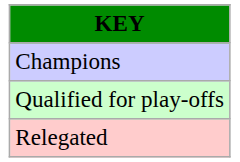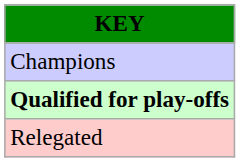 <table class="wikitable" style="margin:0.5em auto; font-size:95%">
 <tr bgcolor="#008B00">
 <td align=center><strong>KEY</strong></td>
 </tr>
 <tr bgcolor=#CCCCFF>
 <td>Champions</td>
 </tr>
 <tr bgcolor=#CCFFCC>
-<td>Qualified for play-offs</td>
+<td><strong>Qualified for play-offs</strong></td>
 </tr>
 <tr bgcolor=#FFCCCC>
 <td>Relegated</td>
 </tr>
 </table>
